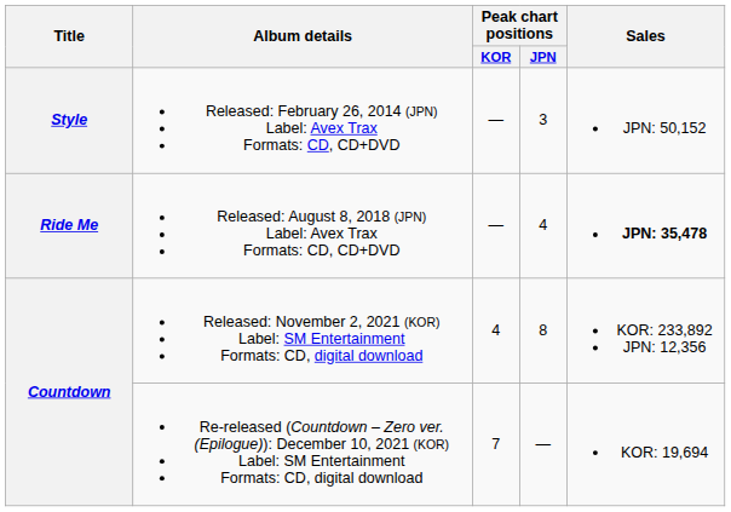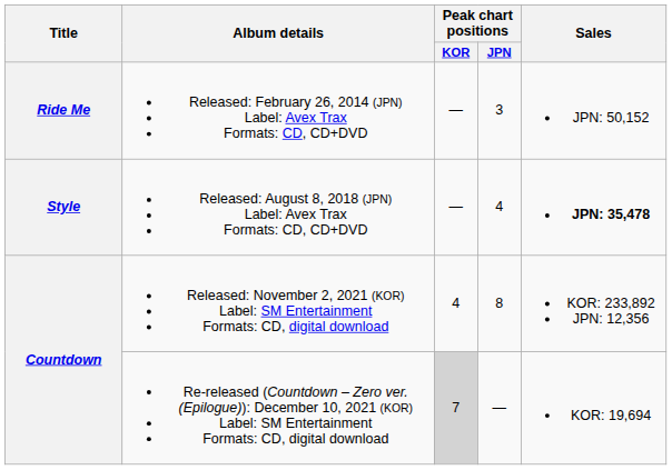 <table class="wikitable plainrowheaders" style="text-align:center;">
 <tr>
 <th scope="col" rowspan="2" style="width:8em;">Title</th>
 <th scope="col" rowspan="2" style="width:22em;">Album details</th>
 <th scope="col" colspan="2">Peak chart positions</th>
 <th scope="col" rowspan="2" style="width:10em;">Sales</th>
 </tr>
 <tr>
 <th style="width:3em;font-size:90%;"><a href='#'>KOR</a><br></th>
 <th style="width:3em;font-size:90%;"><a href='#'>JPN</a><br></th>
 </tr>
 <tr>
-<th scope="row"><em><a href='#'>Style</a></em></th>
+<th scope="row"><em><a href='#'>Ride Me</a></em></th>
 <td><br><ul><li>Released: February 26, 2014 <small>(JPN)</small></li><li>Label: <a href='#'>Avex Trax</a></li><li>Formats: <a href='#'>CD</a>, CD+DVD</li></ul></td>
 <td>—</td>
 <td>3</td>
 <td><br><ul><li>JPN: 50,152</li></ul></td>
 </tr>
 <tr>
-<th scope="row"><em><a href='#'>Ride Me</a></em></th>
+<th scope="row"><em><a href='#'>Style</a></em></th>
 <td><br><ul><li>Released: August 8, 2018 <small>(JPN)</small></li><li>Label: Avex Trax</li><li>Formats: CD, CD+DVD</li></ul></td>
 <td>—</td>
 <td>4</td>
 <td><strong><br><ul><li>JPN: 35,478</li></ul></strong></td>
 </tr>
 <tr>
 <th scope="row" rowspan="2"><em><a href='#'>Countdown</a></em></th>
 <td><br><ul><li>Released: November 2, 2021 <small>(KOR)</small></li><li>Label: <a href='#'>SM Entertainment</a></li><li>Formats: CD, <a href='#'>digital download</a></li></ul></td>
 <td>4</td>
 <td>8</td>
 <td><br><ul><li>KOR: 233,892</li><li>JPN: 12,356</li></ul></td>
 </tr>
 <tr>
 <td><br><ul><li>Re-released (<em>Countdown – Zero ver. (Epilogue)</em>): December 10, 2021 <small>(KOR)</small></li><li>Label: SM Entertainment</li><li>Formats: CD, digital download</li></ul></td>
-<td>7</td>
+<td style="background: lightgrey;">7</td>
 <td>—</td>
 <td><br><ul><li>KOR: 19,694</li></ul></td>
 </tr>
 </table>
